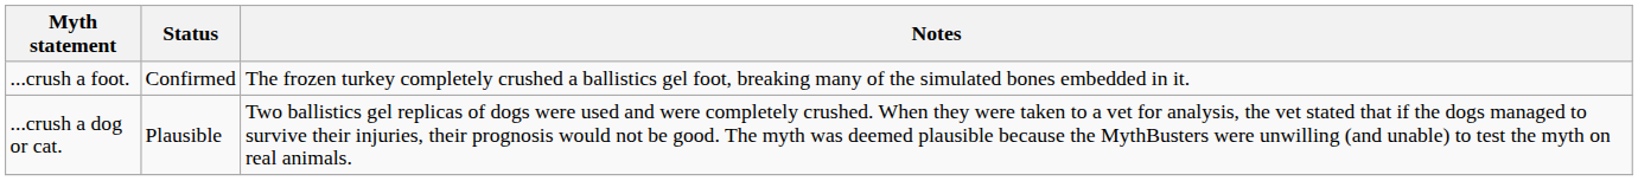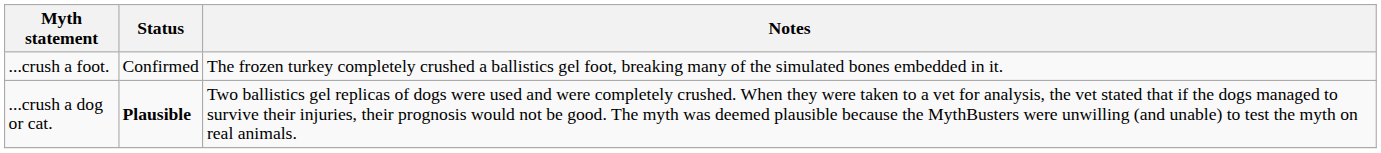 <table class="wikitable plainrowheaders">
 <tr>
 <th>Myth statement</th>
 <th>Status</th>
 <th>Notes</th>
 </tr>
 <tr>
 <td>...crush a foot.</td>
 <td><span>Confirmed</span></td>
 <td>The frozen turkey completely crushed a ballistics gel foot, breaking many of the simulated bones embedded in it.</td>
 </tr>
 <tr>
 <td>...crush a dog or cat.</td>
-<td><span>Plausible</span></td>
+<td><strong><span>Plausible</span></strong></td>
 <td>Two ballistics gel replicas of dogs were used and were completely crushed. When they were taken to a vet for analysis, the vet stated that if the dogs managed to survive their injuries, their prognosis would not be good. The myth was deemed plausible because the MythBusters were unwilling (and unable) to test the myth on real animals.</td>
 </tr>
 <tr>
 </tr>
 </table>
